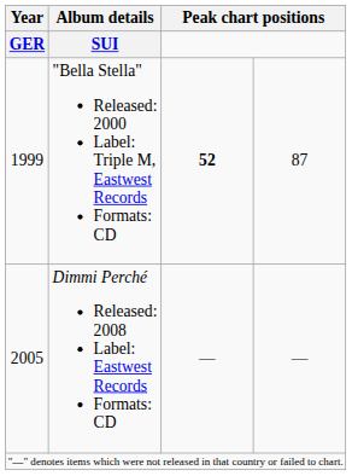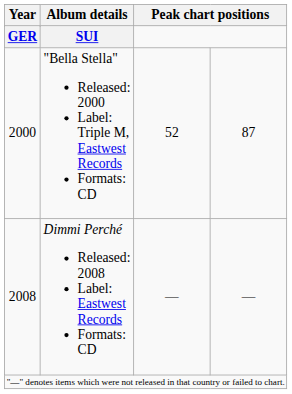 <table class="wikitable plainrowheaders" style="text-align:center;" border="1">
 <tr>
 <th scope="col" rowspan="2">Year</th>
 <th scope="col" rowspan="2">Album details</th>
 <th scope="col" colspan="2">Peak chart positions</th>
 </tr>
 <tr style="font-size:smaller;">
 </tr>
 <tr>
 <th width="35"><a href='#'>GER</a><br></th>
 <th width="35"><a href='#'>SUI</a><br></th>
 </tr>
 <tr>
-<td>1999</td>
+<td>2000</td>
 <td scope="row" align="left">"Bella Stella"<br><ul><li>Released: 2000</li><li>Label: Triple M, <a href='#'>Eastwest Records</a> </li><li>Formats: CD</li></ul></td>
-<td><strong>52</strong></td>
+<td>52</td>
 <td>87</td>
 </tr>
 <tr>
-<td>2005</td>
+<td>2008</td>
 <td scope="row" align="left"><em>Dimmi Perché</em><br><ul><li>Released: 2008</li><li>Label: <a href='#'>Eastwest Records</a> </li><li>Formats: CD</li></ul></td>
 <td>—</td>
 <td>—</td>
 </tr>
 <tr>
 <td colspan="15" style="font-size:8pt">"—" denotes items which were not released in that country or failed to chart.</td>
 </tr>
 </table>
